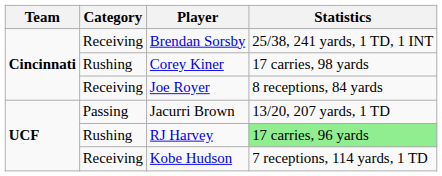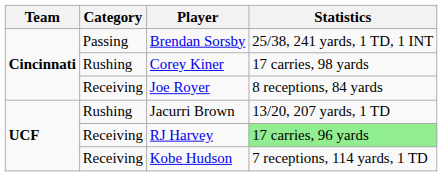 <table class="wikitable" style="float: right;">
 <tr>
 <th>Team</th>
 <th>Category</th>
 <th>Player</th>
 <th>Statistics</th>
 </tr>
 <tr>
 <td rowspan=3><strong>Cincinnati</strong></td>
-<td>Receiving</td>
+<td>Passing</td>
 <td><a href='#'>Brendan Sorsby</a></td>
 <td>25/38, 241 yards, 1 TD, 1 INT</td>
 </tr>
 <tr>
 <td>Rushing</td>
 <td><a href='#'>Corey Kiner</a></td>
 <td>17 carries, 98 yards</td>
 </tr>
 <tr>
 <td>Receiving</td>
 <td><a href='#'>Joe Royer</a></td>
 <td>8 receptions, 84 yards</td>
 </tr>
 <tr>
 <td rowspan=3><strong>UCF</strong></td>
-<td>Passing</td>
+<td>Rushing</td>
 <td>Jacurri Brown</td>
 <td>13/20, 207 yards, 1 TD</td>
 </tr>
 <tr>
-<td>Rushing</td>
+<td>Receiving</td>
 <td><a href='#'>RJ Harvey</a></td>
 <td style="background: lightgreen;">17 carries, 96 yards</td>
 </tr>
 <tr>
 <td>Receiving</td>
 <td><a href='#'>Kobe Hudson</a></td>
 <td>7 receptions, 114 yards, 1 TD</td>
 </tr>
 </table>
